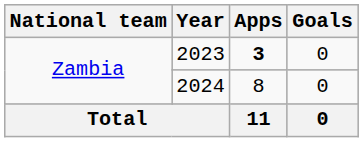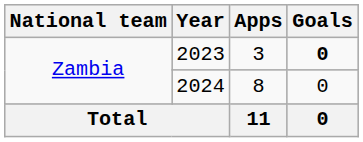 <table class=wikitable style=text-align:center>
 <tr>
 <th>National team</th>
 <th>Year</th>
 <th>Apps</th>
 <th>Goals</th>
 </tr>
 <tr>
 <td rowspan="2"><a href='#'>Zambia</a></td>
 <td>2023</td>
-<td><strong>3</strong></td>
-<td>0</td>
+<td>3</td>
+<td><strong>0</strong></td>
 </tr>
 <tr>
 <td>2024</td>
 <td>8</td>
 <td>0</td>
 </tr>
 <tr>
 <th colspan="2">Total</th>
 <th>11</th>
 <th>0</th>
 </tr>
 </table>
